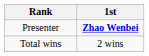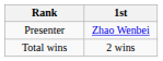 <table class="wikitable" border="1">
 <tr>
 <th width="110">Rank</th>
 <th width="100">1st</th>
 </tr>
 <tr align=center>
 <td>Presenter</td>
-<td><strong><a href='#'>Zhao Wenbei</a></strong></td>
+<td><a href='#'>Zhao Wenbei</a></td>
 </tr>
 <tr align=center>
 <td>Total wins</td>
 <td>2 wins</td>
 </tr>
 </table>
